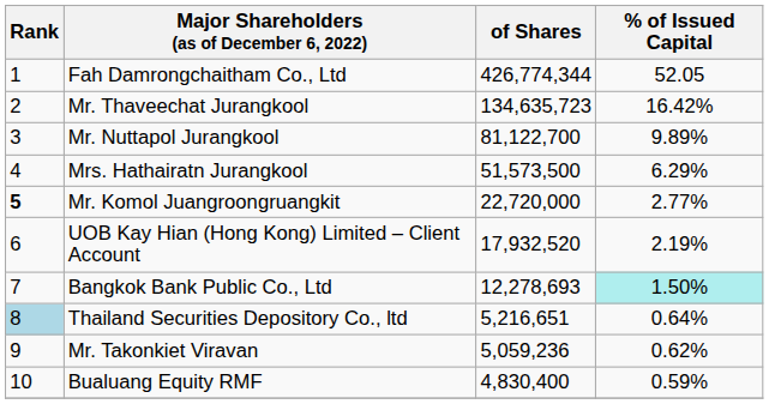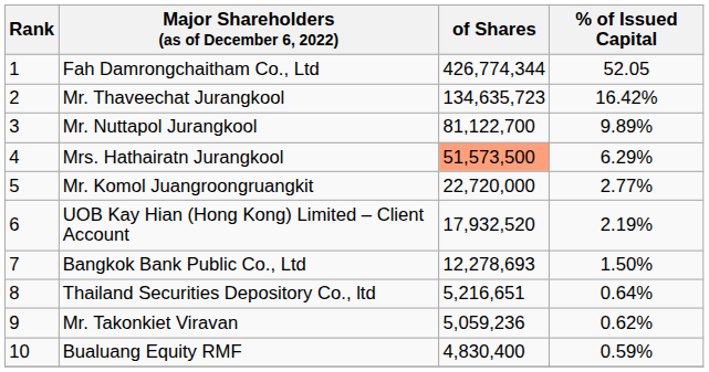 <table class="wikitable">
 <tr style="background:gainsboro">
 <th>Rank</th>
 <th>Major Shareholders<br><small>(as of December 6, 2022)</small></th>
 <th> of Shares</th>
 <th>% of Issued Capital</th>
 </tr>
 <tr>
 <td>1</td>
 <td>Fah Damrongchaitham Co., Ltd</td>
 <td>426,774,344</td>
 <td style="text-align: center;">52.05</td>
 </tr>
 <tr>
 <td>2</td>
 <td>Mr. Thaveechat Jurangkool</td>
 <td>134,635,723</td>
 <td style="text-align: center;">16.42%</td>
 </tr>
 <tr>
 <td>3</td>
 <td>Mr. Nuttapol Jurangkool</td>
 <td>81,122,700</td>
 <td style="text-align: center;">9.89%</td>
 </tr>
 <tr>
 <td>4</td>
 <td>Mrs. Hathairatn Jurangkool</td>
-<td>51,573,500</td>
+<td style="background: lightsalmon;">51,573,500</td>
 <td style="text-align: center;">6.29%</td>
 </tr>
 <tr>
-<td><strong>5</strong></td>
+<td>5</td>
 <td>Mr. Komol Juangroongruangkit</td>
 <td>22,720,000</td>
 <td style="text-align: center;">2.77%</td>
 </tr>
 <tr>
 <td>6</td>
 <td>UOB Kay Hian (Hong Kong) Limited – Client Account</td>
 <td>17,932,520</td>
 <td style="text-align: center;">2.19%</td>
 </tr>
 <tr>
 <td>7</td>
 <td>Bangkok Bank Public Co., Ltd</td>
 <td>12,278,693</td>
-<td style="background: paleturquoise; text-align: center;">1.50%</td>
+<td style="text-align: center;">1.50%</td>
 </tr>
 <tr>
-<td style="background: lightblue;">8</td>
+<td>8</td>
 <td>Thailand Securities Depository Co., ltd</td>
 <td>5,216,651</td>
 <td style="text-align: center;">0.64%</td>
 </tr>
 <tr>
 <td>9</td>
 <td>Mr. Takonkiet Viravan</td>
 <td>5,059,236</td>
 <td style="text-align: center;">0.62%</td>
 </tr>
 <tr>
 <td>10</td>
 <td>Bualuang Equity RMF</td>
 <td>4,830,400</td>
 <td style="text-align: center;">0.59%</td>
 </tr>
 <tr>
 </tr>
 </table>
